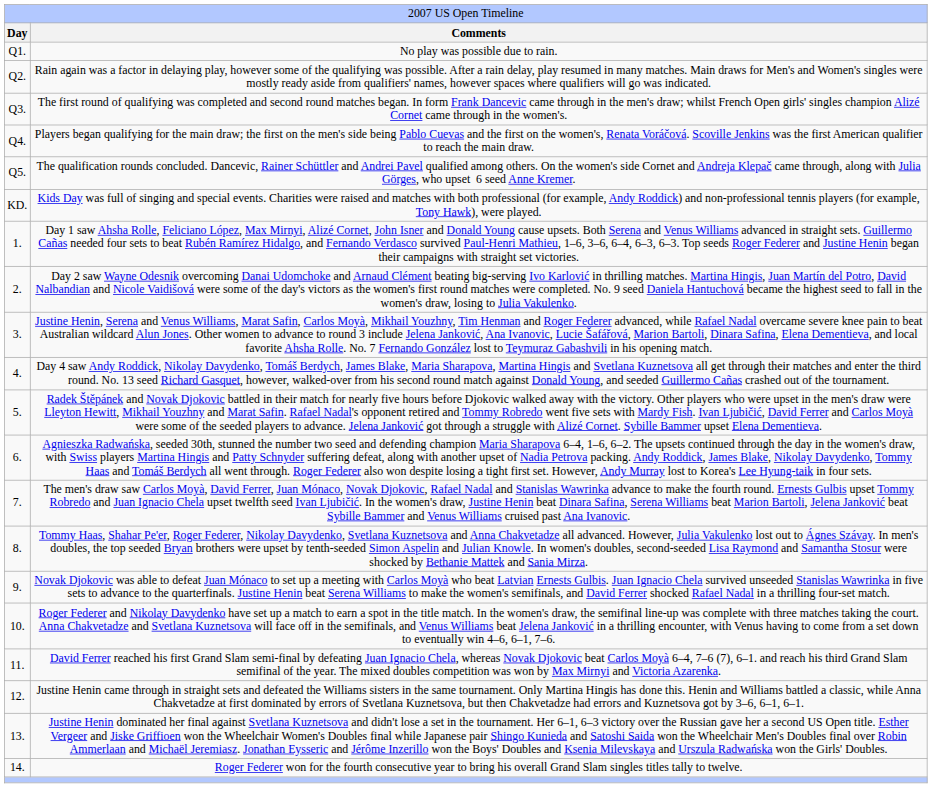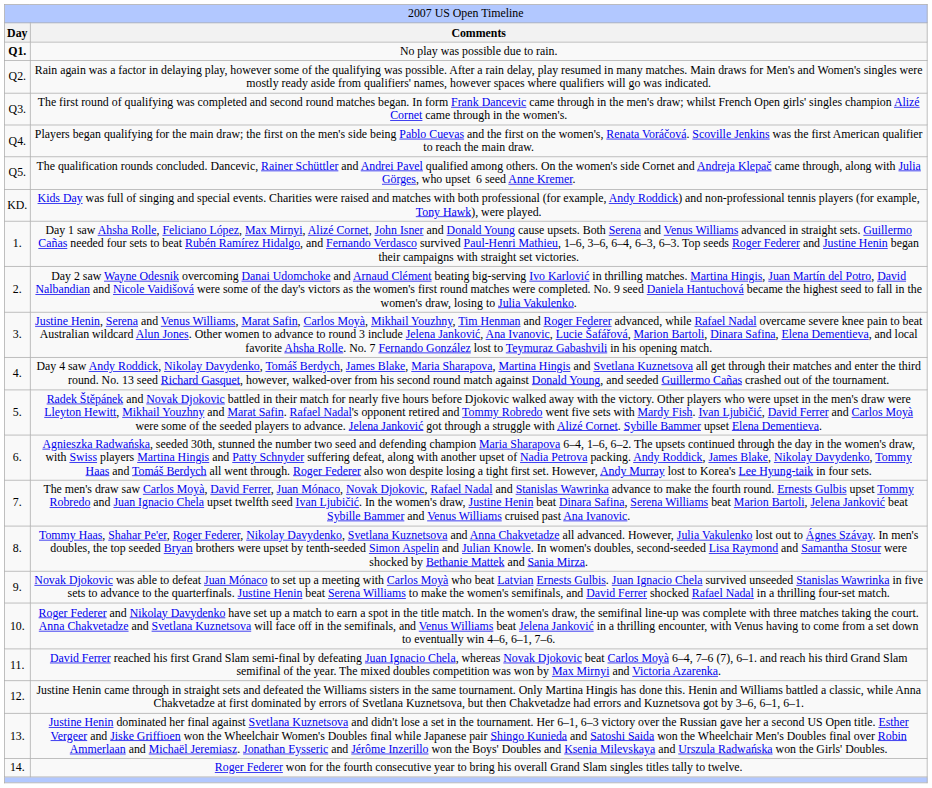 <table class="wikitable" style="text-align: center;">
 <tr style="background:#b2c8ff;">
 <td colspan="2">2007 US Open Timeline</td>
 </tr>
 <tr>
 <th>Day</th>
 <th>Comments</th>
 </tr>
 <tr>
-<td>Q1.</td>
+<td><strong>Q1.</strong></td>
 <td>No play was possible due to rain.</td>
 </tr>
 <tr>
 <td>Q2.</td>
 <td>Rain again was a factor in delaying play, however some of the qualifying was possible. After a rain delay, play resumed in many matches. Main draws for Men's and Women's singles were mostly ready aside from qualifiers' names, however spaces where qualifiers will go was indicated.</td>
 </tr>
 <tr>
 <td>Q3.</td>
 <td>The first round of qualifying was completed and second round matches began. In form <a href='#'>Frank Dancevic</a> came through in the men's draw; whilst French Open girls' singles champion <a href='#'>Alizé Cornet</a> came through in the women's.</td>
 </tr>
 <tr>
 <td>Q4.</td>
 <td>Players began qualifying for the main draw; the first on the men's side being <a href='#'>Pablo Cuevas</a> and the first on the women's, <a href='#'>Renata Voráčová</a>. <a href='#'>Scoville Jenkins</a> was the first American qualifier to reach the main draw.</td>
 </tr>
 <tr>
 <td>Q5.</td>
 <td>The qualification rounds concluded. Dancevic, <a href='#'>Rainer Schüttler</a> and <a href='#'>Andrei Pavel</a> qualified among others. On the women's side Cornet and <a href='#'>Andreja Klepač</a> came through, along with <a href='#'>Julia Görges</a>, who upset  6 seed <a href='#'>Anne Kremer</a>.</td>
 </tr>
 <tr>
 <td>KD.</td>
 <td><a href='#'>Kids Day</a> was full of singing and special events. Charities were raised and matches with both professional (for example, <a href='#'>Andy Roddick</a>) and non-professional tennis players (for example, <a href='#'>Tony Hawk</a>), were played.</td>
 </tr>
 <tr>
 <td>1.</td>
 <td>Day 1 saw <a href='#'>Ahsha Rolle</a>, <a href='#'>Feliciano López</a>, <a href='#'>Max Mirnyi</a>, <a href='#'>Alizé Cornet</a>, <a href='#'>John Isner</a> and <a href='#'>Donald Young</a> cause upsets. Both <a href='#'>Serena</a> and <a href='#'>Venus Williams</a> advanced in straight sets. <a href='#'>Guillermo Cañas</a> needed four sets to beat <a href='#'>Rubén Ramírez Hidalgo</a>, and <a href='#'>Fernando Verdasco</a> survived <a href='#'>Paul-Henri Mathieu</a>, 1–6, 3–6, 6–4, 6–3, 6–3. Top seeds <a href='#'>Roger Federer</a> and <a href='#'>Justine Henin</a> began their campaigns with straight set victories.</td>
 </tr>
 <tr>
 <td>2.</td>
 <td>Day 2 saw <a href='#'>Wayne Odesnik</a> overcoming <a href='#'>Danai Udomchoke</a> and <a href='#'>Arnaud Clément</a> beating big-serving <a href='#'>Ivo Karlović</a> in thrilling matches. <a href='#'>Martina Hingis</a>, <a href='#'>Juan Martín del Potro</a>, <a href='#'>David Nalbandian</a> and <a href='#'>Nicole Vaidišová</a> were some of the day's victors as the women's first round matches were completed. No. 9 seed <a href='#'>Daniela Hantuchová</a> became the highest seed to fall in the women's draw, losing to <a href='#'>Julia Vakulenko</a>.</td>
 </tr>
 <tr>
 <td>3.</td>
 <td><a href='#'>Justine Henin</a>, <a href='#'>Serena</a> and <a href='#'>Venus Williams</a>, <a href='#'>Marat Safin</a>, <a href='#'>Carlos Moyà</a>, <a href='#'>Mikhail Youzhny</a>, <a href='#'>Tim Henman</a> and <a href='#'>Roger Federer</a> advanced, while <a href='#'>Rafael Nadal</a> overcame severe knee pain to beat Australian wildcard <a href='#'>Alun Jones</a>. Other women to advance to round 3 include <a href='#'>Jelena Janković</a>, <a href='#'>Ana Ivanovic</a>, <a href='#'>Lucie Šafářová</a>, <a href='#'>Marion Bartoli</a>, <a href='#'>Dinara Safina</a>, <a href='#'>Elena Dementieva</a>, and local favorite <a href='#'>Ahsha Rolle</a>. No. 7 <a href='#'>Fernando González</a> lost to <a href='#'>Teymuraz Gabashvili</a> in his opening match.</td>
 </tr>
 <tr>
 <td>4.</td>
 <td>Day 4 saw <a href='#'>Andy Roddick</a>, <a href='#'>Nikolay Davydenko</a>, <a href='#'>Tomáš Berdych</a>, <a href='#'>James Blake</a>, <a href='#'>Maria Sharapova</a>, <a href='#'>Martina Hingis</a> and <a href='#'>Svetlana Kuznetsova</a> all get through their matches and enter the third round. No. 13 seed <a href='#'>Richard Gasquet</a>, however, walked-over from his second round match against <a href='#'>Donald Young</a>, and seeded <a href='#'>Guillermo Cañas</a> crashed out of the tournament.</td>
 </tr>
 <tr>
 <td>5.</td>
 <td><a href='#'>Radek Štěpánek</a> and <a href='#'>Novak Djokovic</a> battled in their match for nearly five hours before Djokovic walked away with the victory. Other players who were upset in the men's draw were <a href='#'>Lleyton Hewitt</a>, <a href='#'>Mikhail Youzhny</a> and <a href='#'>Marat Safin</a>. <a href='#'>Rafael Nadal</a>'s opponent retired and <a href='#'>Tommy Robredo</a> went five sets with <a href='#'>Mardy Fish</a>. <a href='#'>Ivan Ljubičić</a>, <a href='#'>David Ferrer</a> and <a href='#'>Carlos Moyà</a> were some of the seeded players to advance. <a href='#'>Jelena Janković</a> got through a struggle with <a href='#'>Alizé Cornet</a>. <a href='#'>Sybille Bammer</a> upset <a href='#'>Elena Dementieva</a>.</td>
 </tr>
 <tr>
 <td>6.</td>
 <td><a href='#'>Agnieszka Radwańska</a>, seeded 30th, stunned the number two seed and defending champion <a href='#'>Maria Sharapova</a> 6–4, 1–6, 6–2. The upsets continued through the day in the women's draw, with <a href='#'>Swiss</a> players <a href='#'>Martina Hingis</a> and <a href='#'>Patty Schnyder</a> suffering defeat, along with another upset of <a href='#'>Nadia Petrova</a> packing. <a href='#'>Andy Roddick</a>, <a href='#'>James Blake</a>, <a href='#'>Nikolay Davydenko</a>, <a href='#'>Tommy Haas</a> and <a href='#'>Tomáš Berdych</a> all went through. <a href='#'>Roger Federer</a> also won despite losing a tight first set. However, <a href='#'>Andy Murray</a> lost to Korea's <a href='#'>Lee Hyung-taik</a> in four sets.</td>
 </tr>
 <tr>
 <td>7.</td>
 <td>The men's draw saw <a href='#'>Carlos Moyà</a>, <a href='#'>David Ferrer</a>, <a href='#'>Juan Mónaco</a>, <a href='#'>Novak Djokovic</a>, <a href='#'>Rafael Nadal</a> and <a href='#'>Stanislas Wawrinka</a> advance to make the fourth round. <a href='#'>Ernests Gulbis</a> upset <a href='#'>Tommy Robredo</a> and <a href='#'>Juan Ignacio Chela</a> upset twelfth seed <a href='#'>Ivan Ljubičić</a>. In the women's draw, <a href='#'>Justine Henin</a> beat <a href='#'>Dinara Safina</a>, <a href='#'>Serena Williams</a> beat <a href='#'>Marion Bartoli</a>, <a href='#'>Jelena Janković</a> beat <a href='#'>Sybille Bammer</a> and <a href='#'>Venus Williams</a> cruised past <a href='#'>Ana Ivanovic</a>.</td>
 </tr>
 <tr>
 <td>8.</td>
 <td><a href='#'>Tommy Haas</a>, <a href='#'>Shahar Pe'er</a>, <a href='#'>Roger Federer</a>, <a href='#'>Nikolay Davydenko</a>, <a href='#'>Svetlana Kuznetsova</a> and <a href='#'>Anna Chakvetadze</a> all advanced. However, <a href='#'>Julia Vakulenko</a> lost out to <a href='#'>Ágnes Szávay</a>. In men's doubles, the top seeded <a href='#'>Bryan</a> brothers were upset by tenth-seeded <a href='#'>Simon Aspelin</a> and <a href='#'>Julian Knowle</a>. In women's doubles, second-seeded <a href='#'>Lisa Raymond</a> and <a href='#'>Samantha Stosur</a> were shocked by <a href='#'>Bethanie Mattek</a> and <a href='#'>Sania Mirza</a>.</td>
 </tr>
 <tr>
 <td>9.</td>
 <td><a href='#'>Novak Djokovic</a> was able to defeat <a href='#'>Juan Mónaco</a> to set up a meeting with <a href='#'>Carlos Moyà</a> who beat <a href='#'>Latvian</a> <a href='#'>Ernests Gulbis</a>. <a href='#'>Juan Ignacio Chela</a> survived unseeded <a href='#'>Stanislas Wawrinka</a> in five sets to advance to the quarterfinals. <a href='#'>Justine Henin</a> beat <a href='#'>Serena Williams</a> to make the women's semifinals, and <a href='#'>David Ferrer</a> shocked <a href='#'>Rafael Nadal</a> in a thrilling four-set match.</td>
 </tr>
 <tr>
 <td>10.</td>
 <td><a href='#'>Roger Federer</a> and <a href='#'>Nikolay Davydenko</a> have set up a match to earn a spot in the title match. In the women's draw, the semifinal line-up was complete with three matches taking the court. <a href='#'>Anna Chakvetadze</a> and <a href='#'>Svetlana Kuznetsova</a> will face off in the semifinals, and <a href='#'>Venus Williams</a> beat <a href='#'>Jelena Janković</a> in a thrilling encounter, with Venus having to come from a set down to eventually win 4–6, 6–1, 7–6.</td>
 </tr>
 <tr>
 <td>11.</td>
 <td><a href='#'>David Ferrer</a> reached his first Grand Slam semi-final by defeating <a href='#'>Juan Ignacio Chela</a>, whereas <a href='#'>Novak Djokovic</a> beat <a href='#'>Carlos Moyà</a> 6–4, 7–6 (7), 6–1. and reach his third Grand Slam semifinal of the year. The mixed doubles competition was won by <a href='#'>Max Mirnyi</a> and <a href='#'>Victoria Azarenka</a>.</td>
 </tr>
 <tr>
 <td>12.</td>
 <td>Justine Henin came through in straight sets and defeated the Williams sisters in the same tournament. Only Martina Hingis has done this. Henin and Williams battled a classic, while Anna Chakvetadze at first dominated by errors of Svetlana Kuznetsova, but then Chakvetadze had errors and Kuznetsova got by 3–6, 6–1, 6–1.</td>
 </tr>
 <tr>
 <td>13.</td>
 <td><a href='#'>Justine Henin</a> dominated her final against <a href='#'>Svetlana Kuznetsova</a> and didn't lose a set in the tournament. Her 6–1, 6–3 victory over the Russian gave her a second US Open title. <a href='#'>Esther Vergeer</a> and <a href='#'>Jiske Griffioen</a> won the Wheelchair Women's Doubles final while Japanese pair <a href='#'>Shingo Kunieda</a> and <a href='#'>Satoshi Saida</a> won the Wheelchair Men's Doubles final over <a href='#'>Robin Ammerlaan</a> and <a href='#'>Michaël Jeremiasz</a>. <a href='#'>Jonathan Eysseric</a> and <a href='#'>Jérôme Inzerillo</a> won the Boys' Doubles and <a href='#'>Ksenia Milevskaya</a> and <a href='#'>Urszula Radwańska</a> won the Girls' Doubles.</td>
 </tr>
 <tr>
 <td>14.</td>
 <td><a href='#'>Roger Federer</a> won for the fourth consecutive year to bring his overall Grand Slam singles titles tally to twelve.</td>
 </tr>
 <tr style="background:#b2c8ff;">
 <td colspan="2"></td>
 </tr>
 </table>
